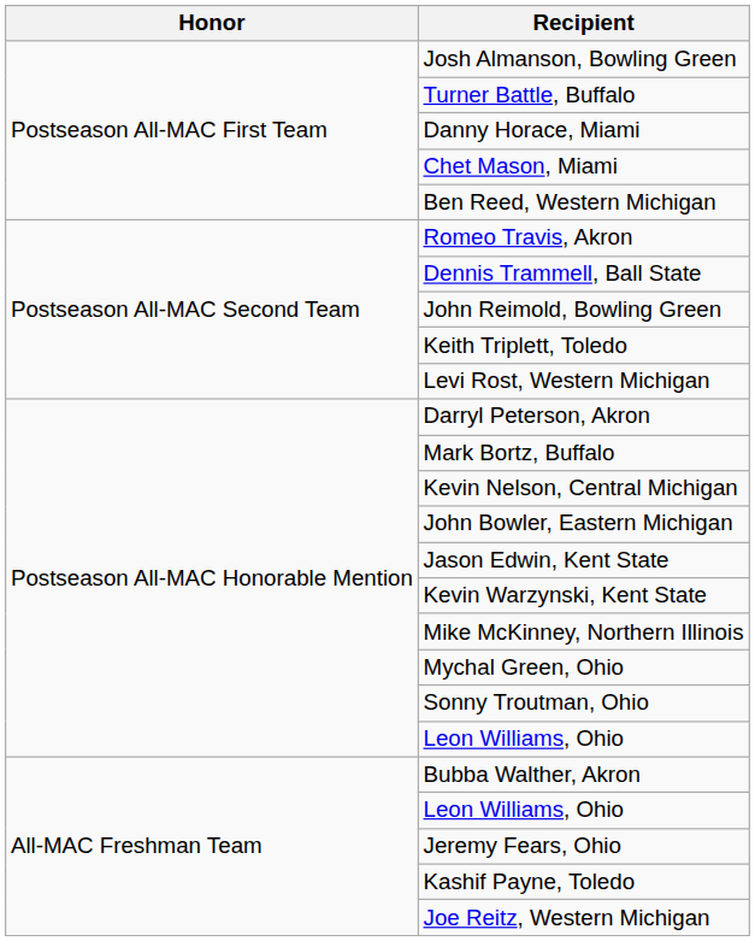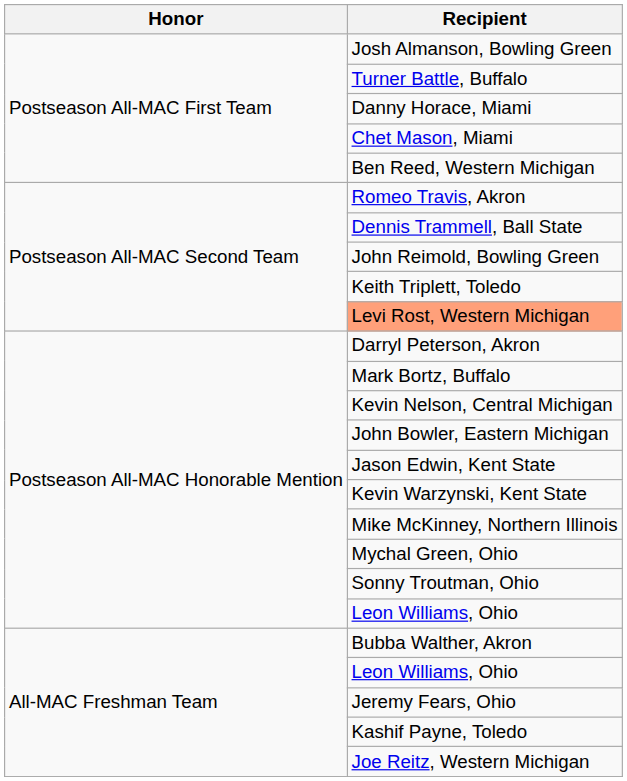 <table class="wikitable" border="1">
 <tr>
 <th>Honor</th>
 <th>Recipient</th>
 </tr>
 <tr>
 <td rowspan=5 valign=middle>Postseason All-MAC First Team</td>
 <td>Josh Almanson, Bowling Green</td>
 </tr>
 <tr>
 <td><a href='#'>Turner Battle</a>, Buffalo</td>
 </tr>
 <tr>
 <td>Danny Horace, Miami</td>
 </tr>
 <tr>
 <td><a href='#'>Chet Mason</a>, Miami</td>
 </tr>
 <tr>
 <td>Ben Reed, Western Michigan</td>
 </tr>
 <tr>
 <td rowspan=5 valign=middle>Postseason All-MAC Second Team</td>
 <td><a href='#'>Romeo Travis</a>, Akron</td>
 </tr>
 <tr>
 <td><a href='#'>Dennis Trammell</a>, Ball State</td>
 </tr>
 <tr>
 <td>John Reimold, Bowling Green</td>
 </tr>
 <tr>
 <td>Keith Triplett, Toledo</td>
 </tr>
 <tr>
-<td>Levi Rost, Western Michigan</td>
+<td style="background: lightsalmon;">Levi Rost, Western Michigan</td>
 </tr>
 <tr>
 <td rowspan=10 valign=middle>Postseason All-MAC Honorable Mention</td>
 <td>Darryl Peterson, Akron</td>
 </tr>
 <tr>
 <td>Mark Bortz, Buffalo</td>
 </tr>
 <tr>
 <td>Kevin Nelson, Central Michigan</td>
 </tr>
 <tr>
 <td>John Bowler, Eastern Michigan</td>
 </tr>
 <tr>
 <td>Jason Edwin, Kent State</td>
 </tr>
 <tr>
 <td>Kevin Warzynski, Kent State</td>
 </tr>
 <tr>
 <td>Mike McKinney, Northern Illinois</td>
 </tr>
 <tr>
 <td>Mychal Green, Ohio</td>
 </tr>
 <tr>
 <td>Sonny Troutman, Ohio</td>
 </tr>
 <tr>
 <td><a href='#'>Leon Williams</a>, Ohio</td>
 </tr>
 <tr>
 <td rowspan=5 valign=middle>All-MAC Freshman Team</td>
 <td>Bubba Walther, Akron</td>
 </tr>
 <tr>
 <td><a href='#'>Leon Williams</a>, Ohio</td>
 </tr>
 <tr>
 <td>Jeremy Fears, Ohio</td>
 </tr>
 <tr>
 <td>Kashif Payne, Toledo</td>
 </tr>
 <tr>
 <td><a href='#'>Joe Reitz</a>, Western Michigan</td>
 </tr>
 <tr>
 </tr>
 </table>
